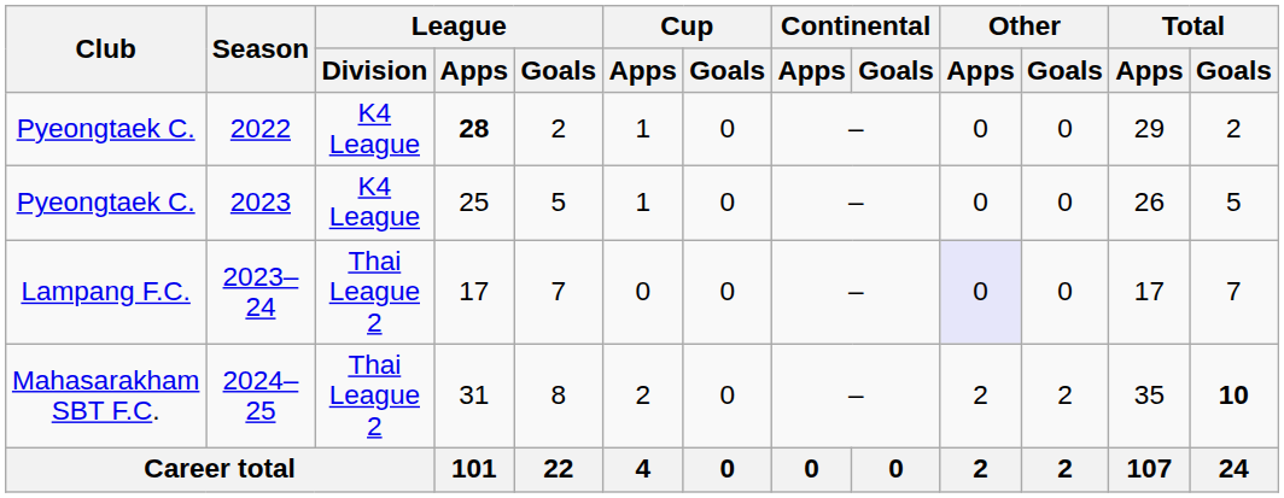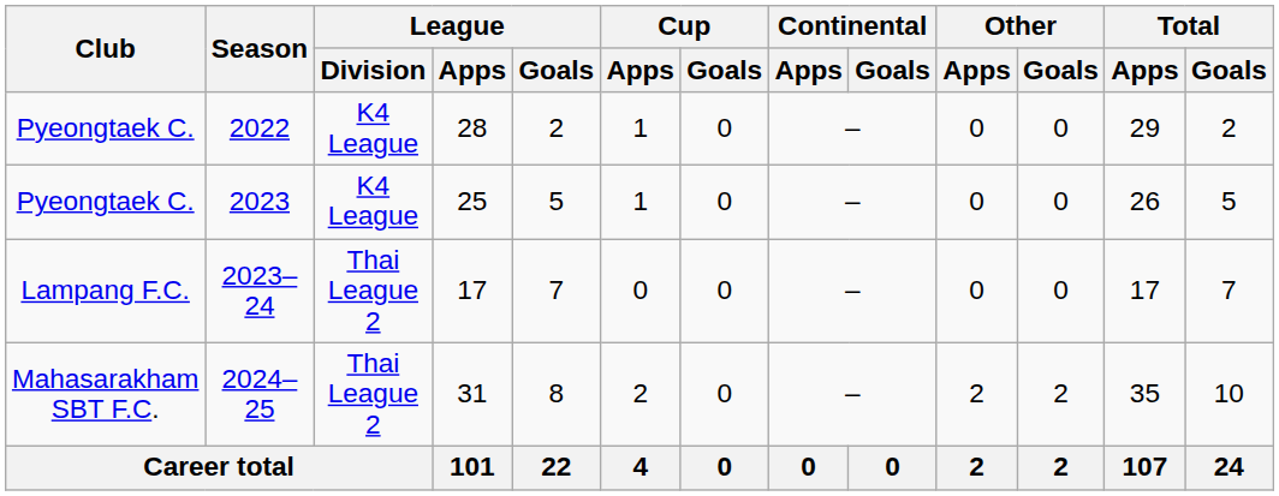 <table class="wikitable" style="text-align: center">
 <tr>
 <th rowspan="2">Club</th>
 <th rowspan="2">Season</th>
 <th colspan="3">League</th>
 <th colspan="2">Cup</th>
 <th colspan="2">Continental</th>
 <th colspan="2">Other</th>
 <th colspan="2">Total</th>
 </tr>
 <tr>
 <th>Division</th>
 <th>Apps</th>
 <th>Goals</th>
 <th>Apps</th>
 <th>Goals</th>
 <th>Apps</th>
 <th>Goals</th>
 <th>Apps</th>
 <th>Goals</th>
 <th>Apps</th>
 <th>Goals</th>
 </tr>
 <tr>
 <td rowspan="1"><a href='#'>Pyeongtaek C.</a></td>
 <td><a href='#'>2022</a></td>
 <td rowspan="1" valign="center"><a href='#'>K4 League</a></td>
-<td><strong>28</strong></td>
+<td>28</td>
 <td>2</td>
 <td>1</td>
 <td>0</td>
 <td colspan="2">–</td>
 <td>0</td>
 <td>0</td>
 <td>29</td>
 <td>2</td>
 </tr>
 <tr>
 <td rowspan="1"><a href='#'>Pyeongtaek C.</a></td>
 <td><a href='#'>2023</a></td>
 <td rowspan="1" valign="center"><a href='#'>K4 League</a></td>
 <td>25</td>
 <td>5</td>
 <td>1</td>
 <td>0</td>
 <td colspan="2">–</td>
 <td>0</td>
 <td>0</td>
 <td>26</td>
 <td>5</td>
 </tr>
 <tr>
 <td rowspan="1"><a href='#'>Lampang F.C.</a></td>
 <td><a href='#'>2023–24</a></td>
 <td rowspan="1" valign="center"><a href='#'>Thai League 2</a></td>
 <td>17</td>
 <td>7</td>
 <td>0</td>
 <td>0</td>
 <td colspan="2">–</td>
-<td style="background: lavender;">0</td>
+<td>0</td>
 <td>0</td>
 <td>17</td>
 <td>7</td>
 </tr>
 <tr>
 <td rowspan="1"><a href='#'>Mahasarakham SBT F.C</a>.</td>
 <td><a href='#'>2024–25</a></td>
 <td rowspan="1" valign="center"><a href='#'>Thai League 2</a></td>
 <td>31</td>
 <td>8</td>
 <td>2</td>
 <td>0</td>
 <td colspan="2">–</td>
 <td>2</td>
 <td>2</td>
 <td>35</td>
-<td><strong>10</strong></td>
+<td>10</td>
 </tr>
 <tr>
 <th colspan=3>Career total</th>
 <th>101</th>
 <th>22</th>
 <th>4</th>
 <th>0</th>
 <th>0</th>
 <th>0</th>
 <th>2</th>
 <th>2</th>
 <th>107</th>
 <th>24</th>
 </tr>
 </table>
